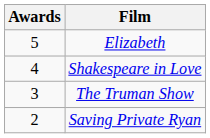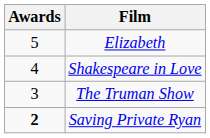 <table class="wikitable" style="text-align:center;">
 <tr>
 <th style="background:">Awards</th>
 <th style="background:">Film</th>
 </tr>
 <tr>
 <td>5</td>
 <td><em><a href='#'>Elizabeth</a></em></td>
 </tr>
 <tr>
 <td>4</td>
 <td><em><a href='#'>Shakespeare in Love</a></em></td>
 </tr>
 <tr>
 <td>3</td>
 <td><em><a href='#'>The Truman Show</a></em></td>
 </tr>
 <tr>
-<td>2</td>
+<td><strong>2</strong></td>
 <td><em><a href='#'>Saving Private Ryan</a></em></td>
 </tr>
 </table>
